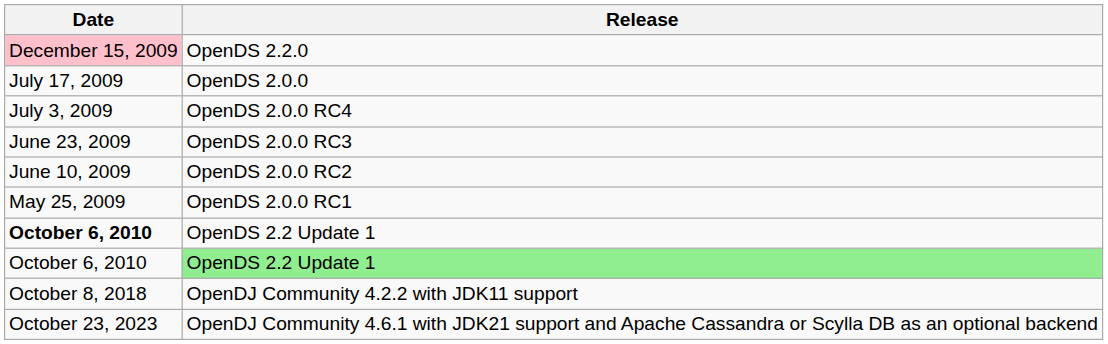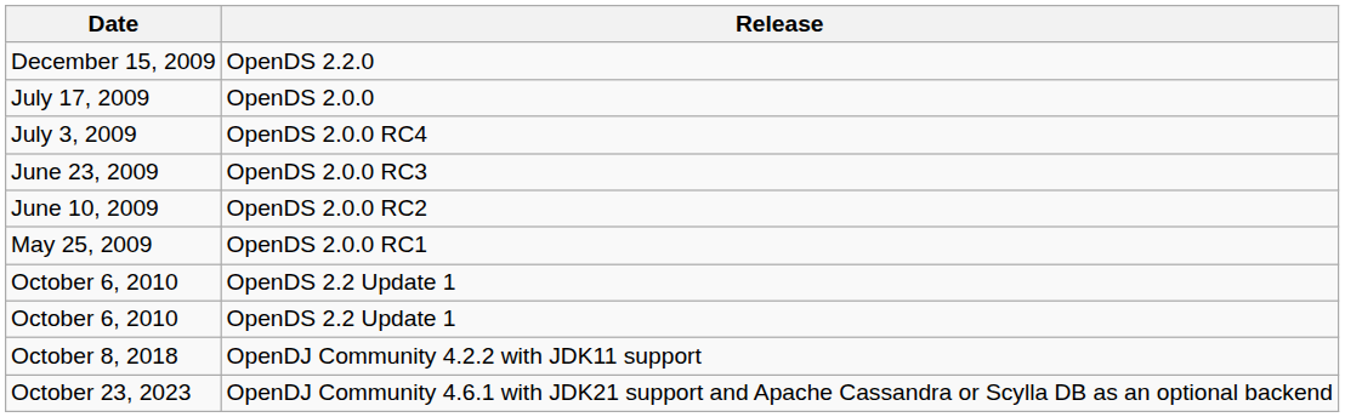 <table class="wikitable">
 <tr>
 <th>Date</th>
 <th>Release</th>
 </tr>
 <tr>
-<td style="background: pink;">December 15, 2009</td>
+<td>December 15, 2009</td>
 <td>OpenDS 2.2.0</td>
 </tr>
 <tr>
 <td>July 17, 2009</td>
 <td>OpenDS 2.0.0</td>
 </tr>
 <tr>
 <td>July 3, 2009</td>
 <td>OpenDS 2.0.0 RC4</td>
 </tr>
 <tr>
 <td>June 23, 2009</td>
 <td>OpenDS 2.0.0 RC3</td>
 </tr>
 <tr>
 <td>June 10, 2009</td>
 <td>OpenDS 2.0.0 RC2</td>
 </tr>
 <tr>
 <td>May 25, 2009</td>
 <td>OpenDS 2.0.0 RC1</td>
 </tr>
 <tr>
-<td><strong>October 6, 2010</strong></td>
+<td>October 6, 2010</td>
 <td>OpenDS 2.2 Update 1</td>
 </tr>
 <tr>
 <td>October 6, 2010</td>
-<td style="background: lightgreen;">OpenDS 2.2 Update 1</td>
+<td>OpenDS 2.2 Update 1</td>
 </tr>
 <tr>
 <td>October 8, 2018</td>
 <td>OpenDJ Community 4.2.2 with JDK11 support</td>
 </tr>
 <tr>
 <td>October 23, 2023</td>
 <td>OpenDJ Community 4.6.1 with JDK21 support and Apache Cassandra or Scylla DB as an optional backend</td>
 </tr>
 </table>
